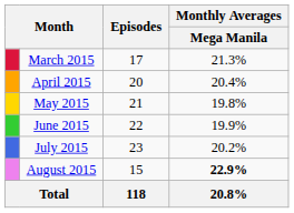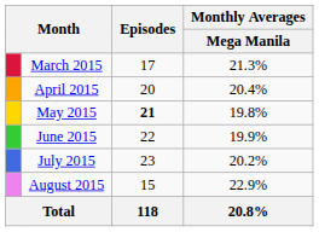 <table class="wikitable plainrowheaders" style="text-align: center; line-height:25px;">
 <tr class="wikitable" style="text-align: center;">
 <th colspan="2" rowspan="2" style="padding: 0 8px;">Month</th>
 <th rowspan="2" style="padding: 0 8px;">Episodes</th>
 <th colspan="2" style="padding: 0 8px;">Monthly Averages</th>
 </tr>
 <tr>
 <th style="padding: 0 8px;">Mega Manila</th>
 </tr>
 <tr>
 <td style="padding: 0 8px; background:#DC143C;"></td>
 <td style="padding: 0 8px;" '><a href='#'>March 2015</a></td>
 <td style="padding: 0 8px;">17</td>
 <td style="padding: 0 8px;">21.3%</td>
 </tr>
 <tr>
 <td style="padding: 0 8px; background:#FFA500;"></td>
 <td style="padding: 0 8px;" '><a href='#'>April 2015</a></td>
 <td style="padding: 0 8px;">20</td>
 <td style="padding: 0 8px;">20.4%</td>
 </tr>
 <tr>
 <td style="padding: 0 8px; background:#FFD700;"></td>
 <td style="padding: 0 8px;" '><a href='#'>May 2015</a></td>
-<td style="padding: 0 8px;">21</td>
+<td style="padding: 0 8px;"><strong>21</strong></td>
 <td style="padding: 0 8px;">19.8%</td>
 </tr>
 <tr>
 <td style="padding: 0 8px; background:#32CD32;"></td>
 <td style="padding: 0 8px;" '><a href='#'>June 2015</a></td>
 <td style="padding: 0 8px;">22</td>
 <td style="padding: 0 8px;">19.9%</td>
 </tr>
 <tr>
 <td style="padding: 0 8px; background:#4169E1;"></td>
 <td style="padding: 0 8px;" '><a href='#'>July 2015</a></td>
 <td style="padding: 0 8px;">23</td>
 <td style="padding: 0 8px;">20.2%</td>
 </tr>
 <tr>
 <td style="padding: 0 8px; background:#EE82EE;"></td>
 <td style="padding: 0 8px;" '><a href='#'>August 2015</a></td>
 <td style="padding: 0 8px;">15</td>
-<td style="padding: 0 8px;"><strong>22.9%</strong></td>
+<td style="padding: 0 8px;">22.9%</td>
 </tr>
 <tr>
 <th colspan="2">Total</th>
 <th colspan="1">118</th>
 <th colspan="2">20.8%</th>
 </tr>
 </table>
